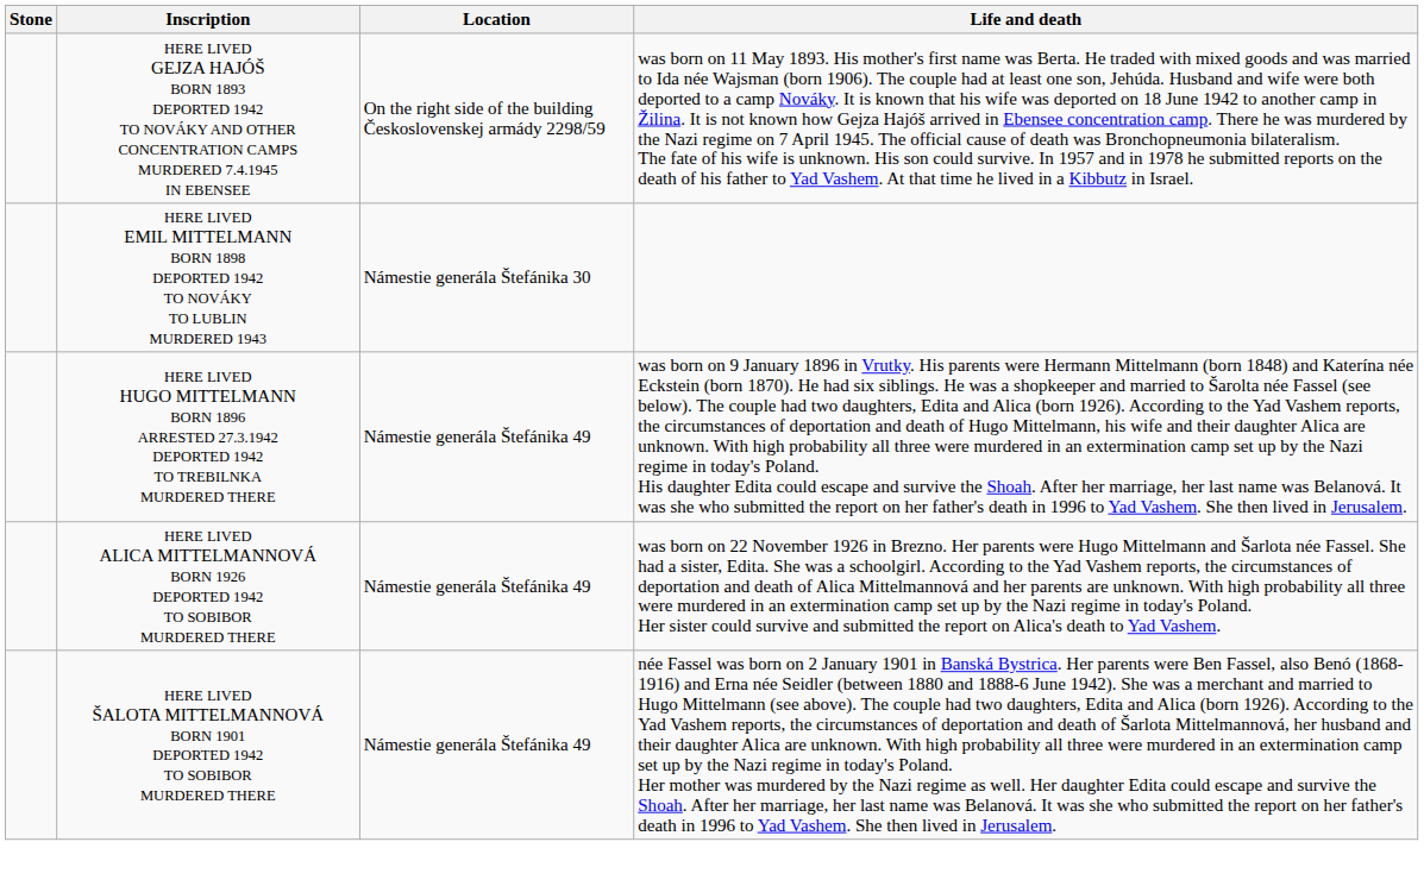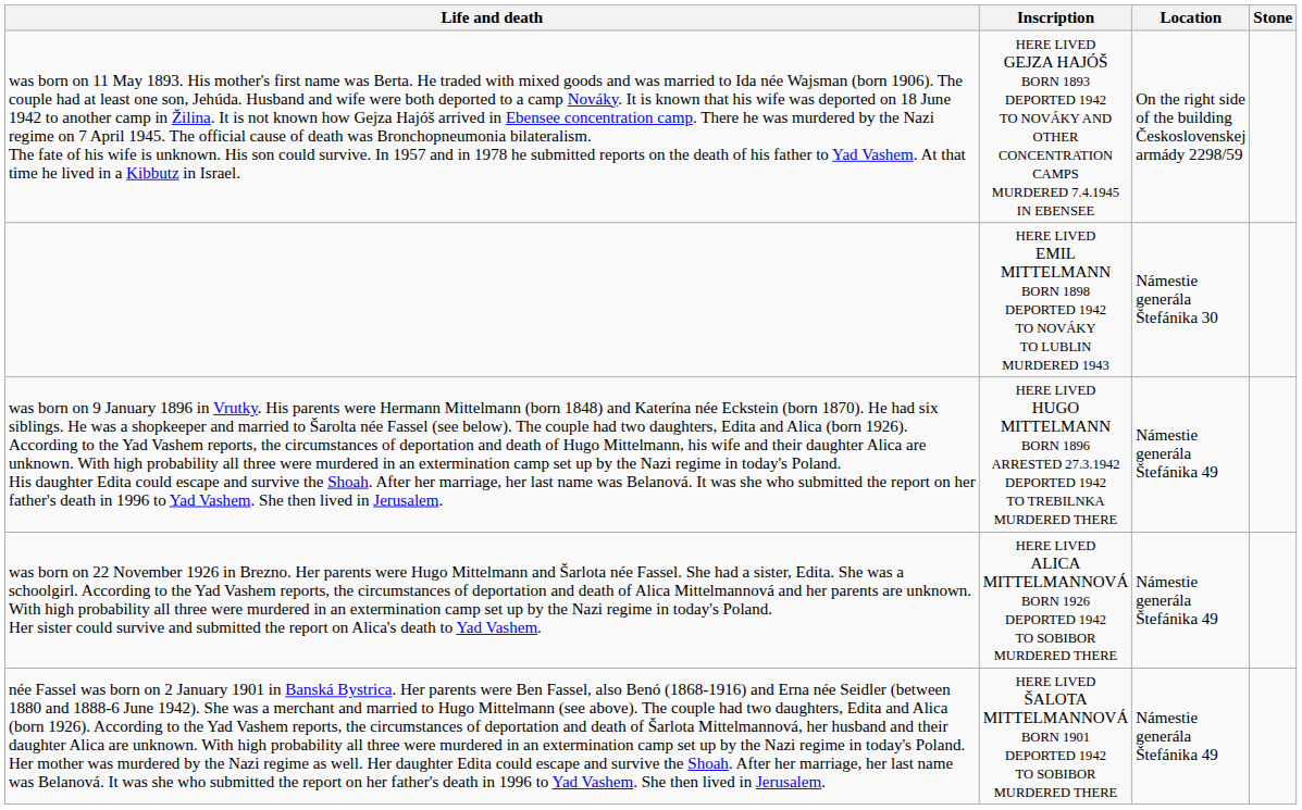 <table class="wikitable sortable toptextcells" style="width:100%">
 <tr>
-<th class="hintergrundfarbe6 unsortable" width="120px">Stone</th>
+<th class="hintergrundfarbe6" style="width:100%;">Life and death</th>
 <th class="hintergrundfarbe6 unsortable" style ="width:22%;">Inscription</th>
 <th class="hintergrundfarbe6" data-sort-type="text" style ="width:20%;">Location</th>
-<th class="hintergrundfarbe6" style="width:100%;">Life and death</th>
+<th class="hintergrundfarbe6 unsortable" width="120px">Stone</th>
 </tr>
 <tr>
-<td></td>
+<td><strong></strong> was born on 11 May 1893. His mother's first name was Berta. He traded with mixed goods and was married to Ida née Wajsman (born 1906). The couple had at least one son, Jehúda. Husband and wife were both deported to a camp <a href='#'>Nováky</a>. It is known that his wife was deported on 18 June 1942 to another camp in <a href='#'>Žilina</a>. It is not known how Gejza Hajóš arrived in <a href='#'>Ebensee concentration camp</a>. There he was murdered by the Nazi regime on 7 April 1945. The official cause of death was Bronchopneumonia bilateralism.<br>The fate of his wife is unknown. His son could survive. In 1957 and in 1978 he submitted reports on the death of his father to <a href='#'>Yad Vashem</a>. At that time he lived in a <a href='#'>Kibbutz</a> in Israel.</td>
 <td style="text-align:center"><div><small>HERE LIVED</small><br>GEJZA HAJÓŠ<br><small>BORN 1893<br>DEPORTED 1942<br>TO NOVÁKY AND OTHER<br>CONCENTRATION CAMPS<br>MURDERED 7.4.1945<br>IN EBENSEE</small></div></td>
 <td>On the right side of the building Československej armády 2298/59</td>
-<td><strong></strong> was born on 11 May 1893. His mother's first name was Berta. He traded with mixed goods and was married to Ida née Wajsman (born 1906). The couple had at least one son, Jehúda. Husband and wife were both deported to a camp <a href='#'>Nováky</a>. It is known that his wife was deported on 18 June 1942 to another camp in <a href='#'>Žilina</a>. It is not known how Gejza Hajóš arrived in <a href='#'>Ebensee concentration camp</a>. There he was murdered by the Nazi regime on 7 April 1945. The official cause of death was Bronchopneumonia bilateralism.<br>The fate of his wife is unknown. His son could survive. In 1957 and in 1978 he submitted reports on the death of his father to <a href='#'>Yad Vashem</a>. At that time he lived in a <a href='#'>Kibbutz</a> in Israel.</td>
+<td></td>
 </tr>
 <tr>
-<td></td>
+<td><strong></strong></td>
 <td style="text-align:center"><div><small>HERE LIVED</small><br>EMIL MITTELMANN<br><small>BORN 1898<br>DEPORTED 1942<br>TO NOVÁKY<br>TO LUBLIN<br>MURDERED 1943</small></div></td>
 <td>Námestie generála Štefánika 30</td>
-<td><strong></strong></td>
+<td></td>
 </tr>
 <tr>
-<td></td>
+<td><strong></strong> was born on 9 January 1896 in <a href='#'>Vrutky</a>. His parents were Hermann Mittelmann (born 1848) and Katerína née Eckstein (born 1870). He had six siblings. He was a shopkeeper and married to Šarolta née Fassel (see below). The couple had two daughters, Edita and Alica (born 1926). According to the Yad Vashem reports, the circumstances of deportation and death of Hugo Mittelmann, his wife and their daughter Alica are unknown. With high probability all three were murdered in an extermination camp set up by the Nazi regime in today's Poland.<br>His daughter Edita could escape and survive the <a href='#'>Shoah</a>. After her marriage, her last name was Belanová. It was she who submitted the report on her father's death in 1996 to <a href='#'>Yad Vashem</a>. She then lived in <a href='#'>Jerusalem</a>.</td>
 <td style="text-align:center"><div><small>HERE LIVED</small><br>HUGO MITTELMANN<br><small>BORN 1896<br>ARRESTED 27.3.1942<br>DEPORTED 1942<br>TO TREBILNKA<br>MURDERED THERE</small></div></td>
 <td>Námestie generála Štefánika 49</td>
-<td><strong></strong> was born on 9 January 1896 in <a href='#'>Vrutky</a>. His parents were Hermann Mittelmann (born 1848) and Katerína née Eckstein (born 1870). He had six siblings. He was a shopkeeper and married to Šarolta née Fassel (see below). The couple had two daughters, Edita and Alica (born 1926). According to the Yad Vashem reports, the circumstances of deportation and death of Hugo Mittelmann, his wife and their daughter Alica are unknown. With high probability all three were murdered in an extermination camp set up by the Nazi regime in today's Poland.<br>His daughter Edita could escape and survive the <a href='#'>Shoah</a>. After her marriage, her last name was Belanová. It was she who submitted the report on her father's death in 1996 to <a href='#'>Yad Vashem</a>. She then lived in <a href='#'>Jerusalem</a>.</td>
+<td></td>
 </tr>
 <tr>
-<td></td>
+<td><strong></strong> was born on 22 November 1926 in Brezno. Her parents were Hugo Mittelmann and Šarlota née Fassel. She had a sister, Edita. She was a schoolgirl. According to the Yad Vashem reports, the circumstances of deportation and death of Alica Mittelmannová and her parents are unknown. With high probability all three were murdered in an extermination camp set up by the Nazi regime in today's Poland.<br>Her sister could survive and submitted the report on Alica's death to <a href='#'>Yad Vashem</a>.</td>
 <td style="text-align:center"><div><small>HERE LIVED</small><br>ALICA MITTELMANNOVÁ<br><small>BORN 1926<br>DEPORTED 1942<br>TO SOBIBOR<br>MURDERED THERE</small></div></td>
 <td>Námestie generála Štefánika 49</td>
-<td><strong></strong> was born on 22 November 1926 in Brezno. Her parents were Hugo Mittelmann and Šarlota née Fassel. She had a sister, Edita. She was a schoolgirl. According to the Yad Vashem reports, the circumstances of deportation and death of Alica Mittelmannová and her parents are unknown. With high probability all three were murdered in an extermination camp set up by the Nazi regime in today's Poland.<br>Her sister could survive and submitted the report on Alica's death to <a href='#'>Yad Vashem</a>.</td>
+<td></td>
 </tr>
 <tr>
-<td></td>
+<td><strong></strong> née Fassel was born on 2 January 1901 in <a href='#'>Banská Bystrica</a>. Her parents were Ben Fassel, also Benó (1868-1916) and Erna née Seidler (between 1880 and 1888-6 June 1942). She was a merchant and married to Hugo Mittelmann (see above). The couple had two daughters, Edita and Alica (born 1926). According to the Yad Vashem reports, the circumstances of deportation and death of Šarlota Mittelmannová, her husband and their daughter Alica are unknown. With high probability all three were murdered in an extermination camp set up by the Nazi regime in today's Poland.<br>Her mother was murdered by the Nazi regime as well. Her daughter Edita could escape and survive the <a href='#'>Shoah</a>. After her marriage, her last name was Belanová. It was she who submitted the report on her father's death in 1996 to <a href='#'>Yad Vashem</a>. She then lived in <a href='#'>Jerusalem</a>.</td>
 <td style="text-align:center"><div><small>HERE LIVED</small><br>ŠALOTA MITTELMANNOVÁ<br><small>BORN 1901<br>DEPORTED 1942<br>TO SOBIBOR<br>MURDERED THERE</small></div></td>
 <td>Námestie generála Štefánika 49</td>
-<td><strong></strong> née Fassel was born on 2 January 1901 in <a href='#'>Banská Bystrica</a>. Her parents were Ben Fassel, also Benó (1868-1916) and Erna née Seidler (between 1880 and 1888-6 June 1942). She was a merchant and married to Hugo Mittelmann (see above). The couple had two daughters, Edita and Alica (born 1926). According to the Yad Vashem reports, the circumstances of deportation and death of Šarlota Mittelmannová, her husband and their daughter Alica are unknown. With high probability all three were murdered in an extermination camp set up by the Nazi regime in today's Poland.<br>Her mother was murdered by the Nazi regime as well. Her daughter Edita could escape and survive the <a href='#'>Shoah</a>. After her marriage, her last name was Belanová. It was she who submitted the report on her father's death in 1996 to <a href='#'>Yad Vashem</a>. She then lived in <a href='#'>Jerusalem</a>.</td>
+<td></td>
 </tr>
 </table>
